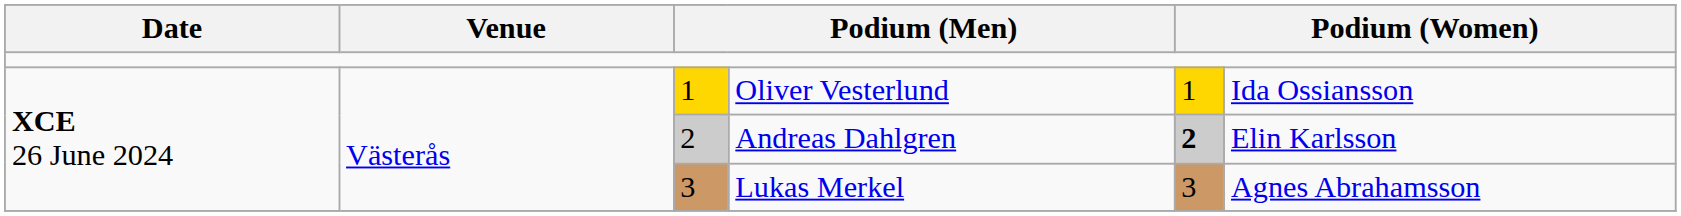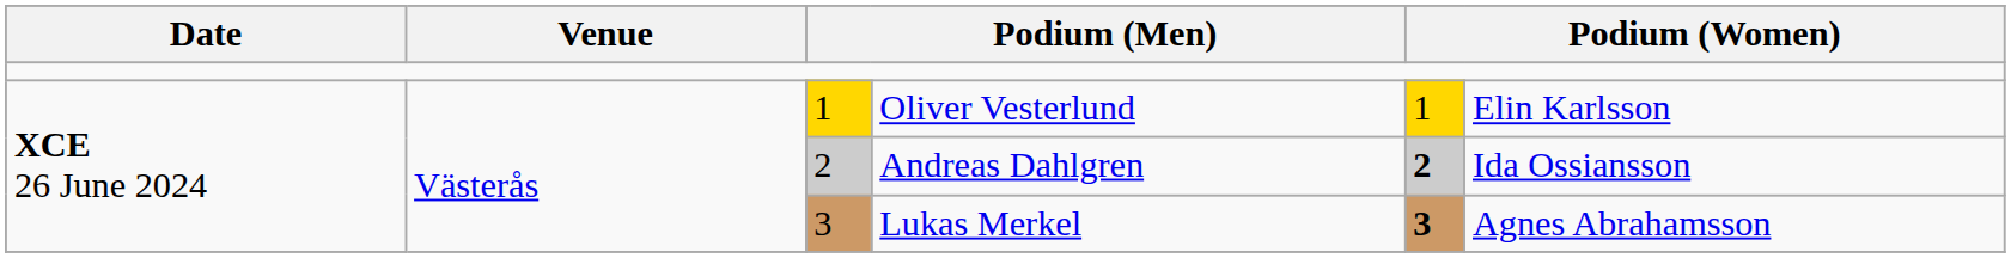 <table class="wikitable" width=70%>
 <tr>
 <th>Date</th>
 <th width=20%>Venue</th>
 <th colspan=2 width=30%>Podium (Men)</th>
 <th colspan=2 width=30%>Podium (Women)</th>
 </tr>
 <tr>
 <td colspan=6></td>
 </tr>
 <tr>
 <td rowspan=3><strong>XCE</strong> <br> 26 June 2024</td>
 <td rowspan=3><br><a href='#'>Västerås</a></td>
 <td bgcolor=FFD700>1</td>
 <td><a href='#'>Oliver Vesterlund</a></td>
 <td bgcolor=FFD700>1</td>
-<td><a href='#'>Ida Ossiansson</a></td>
+<td><a href='#'>Elin Karlsson</a></td>
 </tr>
 <tr>
 <td bgcolor=CCCCCC>2</td>
 <td><a href='#'>Andreas Dahlgren</a></td>
 <td bgcolor=CCCCCC><strong>2</strong></td>
-<td><a href='#'>Elin Karlsson</a></td>
+<td><a href='#'>Ida Ossiansson</a></td>
 </tr>
 <tr>
 <td bgcolor=CC9966>3</td>
 <td><a href='#'>Lukas Merkel</a></td>
-<td bgcolor=CC9966>3</td>
+<td bgcolor=CC9966><strong>3</strong></td>
 <td><a href='#'>Agnes Abrahamsson</a></td>
 </tr>
 </table>
